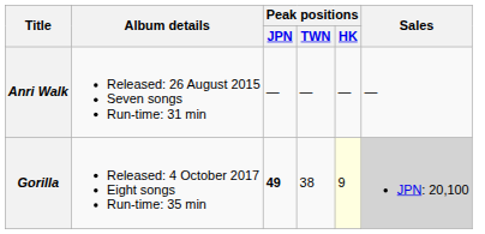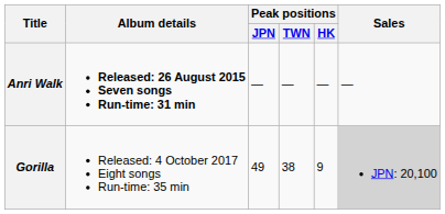 <table class="wikitable">
 <tr>
 <th rowspan="2">Title</th>
 <th rowspan="2">Album details</th>
 <th colspan="3">Peak positions</th>
 <th rowspan="2">Sales</th>
 </tr>
 <tr>
 <th><a href='#'>JPN</a></th>
 <th><a href='#'>TWN</a></th>
 <th><a href='#'>HK</a></th>
 </tr>
 <tr>
 <th><em>Anri Walk</em></th>
-<td><br><ul><li>Released: 26 August 2015</li><li>Seven songs</li><li>Run-time: 31 min</li></ul></td>
+<td><strong><br><ul><li>Released: 26 August 2015</li><li>Seven songs</li><li>Run-time: 31 min</li></ul></strong></td>
 <td>—</td>
 <td>—</td>
 <td>—</td>
 <td>—</td>
 </tr>
 <tr>
 <th><em>Gorilla</em></th>
 <td><br><ul><li>Released: 4 October 2017</li><li>Eight songs</li><li>Run-time: 35 min</li></ul><small></small></td>
-<td><strong>49</strong></td>
+<td>49</td>
 <td>38</td>
-<td style="background: lightyellow;">9</td>
+<td>9</td>
 <td style="background: lightgrey;"><br><ul><li><a href='#'>JPN</a>: 20,100</li></ul></td>
 </tr>
 </table>
